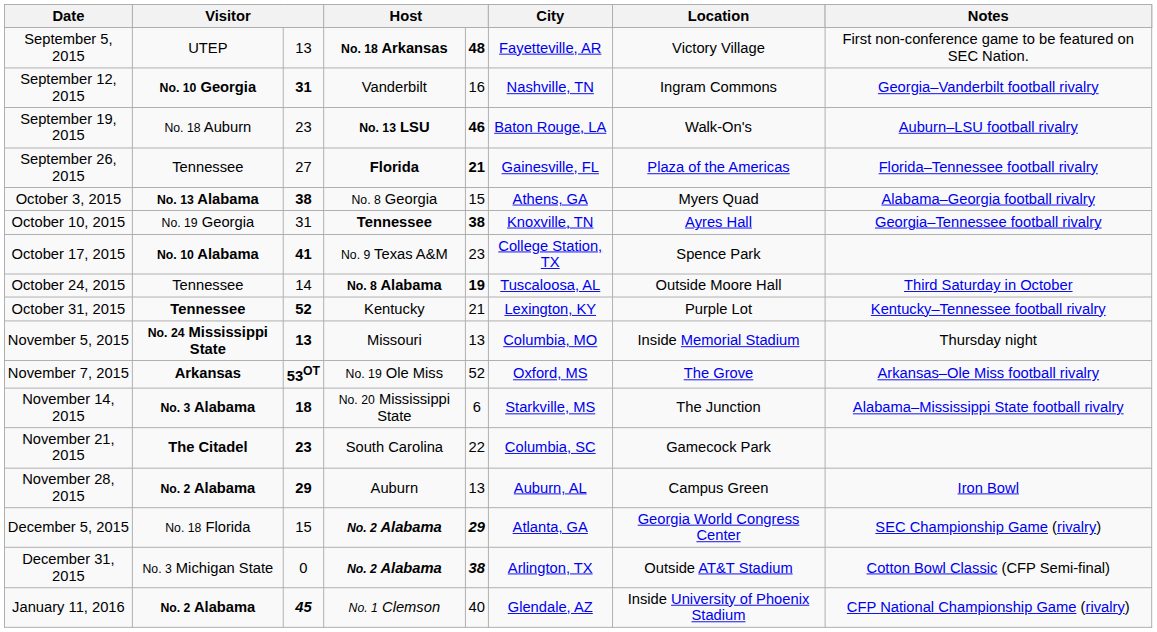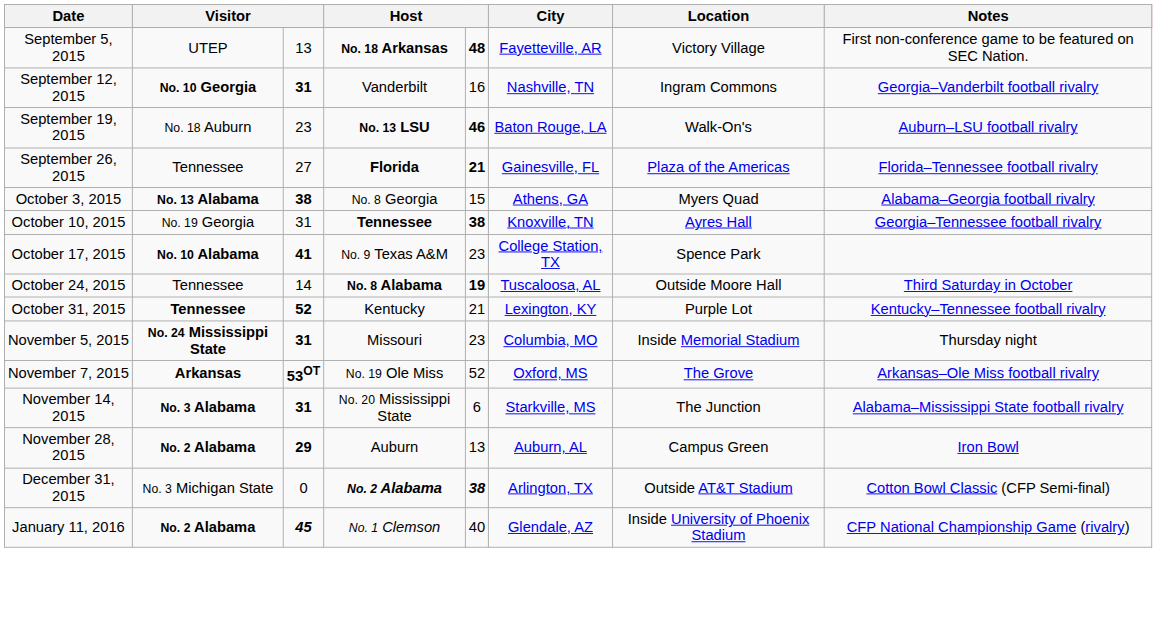 <table class="wikitable" style="text-align:center">
 <tr style="background:#A32638;"|>
 <th>Date</th>
 <th colspan=2>Visitor</th>
 <th colspan=2>Host</th>
 <th>City</th>
 <th>Location</th>
 <th>Notes</th>
 </tr>
 <tr>
 <td>September 5, 2015</td>
 <td>UTEP</td>
 <td>13</td>
 <td><strong><small>No. 18</small> Arkansas</strong></td>
 <td><strong>48</strong></td>
 <td><a href='#'>Fayetteville, AR</a></td>
 <td>Victory Village</td>
 <td>First non-conference game to be featured on SEC Nation.</td>
 </tr>
 <tr>
 <td>September 12, 2015</td>
 <td><strong><small>No. 10</small> Georgia</strong></td>
 <td><strong>31</strong></td>
 <td>Vanderbilt</td>
 <td>16</td>
 <td><a href='#'>Nashville, TN</a></td>
 <td>Ingram Commons</td>
 <td><a href='#'>Georgia–Vanderbilt football rivalry</a></td>
 </tr>
 <tr>
 <td>September 19, 2015</td>
 <td><small>No. 18</small> Auburn</td>
 <td>23</td>
 <td><strong><small>No. 13</small> LSU</strong></td>
 <td><strong>46</strong></td>
 <td><a href='#'>Baton Rouge, LA</a></td>
 <td>Walk-On's</td>
 <td><a href='#'>Auburn–LSU football rivalry</a></td>
 </tr>
 <tr>
 <td>September 26, 2015</td>
 <td>Tennessee</td>
 <td>27</td>
 <td><strong>Florida</strong></td>
 <td><strong>21</strong></td>
 <td><a href='#'>Gainesville, FL</a></td>
 <td><a href='#'>Plaza of the Americas</a></td>
 <td><a href='#'>Florida–Tennessee football rivalry</a></td>
 </tr>
 <tr>
 <td>October 3, 2015</td>
 <td><strong><small>No. 13</small> Alabama</strong></td>
 <td><strong>38</strong></td>
 <td><small>No. 8</small> Georgia</td>
 <td>15</td>
 <td><a href='#'>Athens, GA</a></td>
 <td>Myers Quad</td>
 <td><a href='#'>Alabama–Georgia football rivalry</a></td>
 </tr>
 <tr>
 <td>October 10, 2015</td>
 <td><small>No. 19</small> Georgia</td>
 <td>31</td>
 <td><strong>Tennessee</strong></td>
 <td><strong>38</strong></td>
 <td><a href='#'>Knoxville, TN</a></td>
 <td><a href='#'>Ayres Hall</a></td>
 <td><a href='#'>Georgia–Tennessee football rivalry</a></td>
 </tr>
 <tr>
 <td>October 17, 2015</td>
 <td><strong><small>No. 10</small> Alabama</strong></td>
 <td><strong>41</strong></td>
 <td><small>No. 9</small> Texas A&M</td>
 <td>23</td>
 <td><a href='#'>College Station, TX</a></td>
 <td>Spence Park</td>
 <td></td>
 </tr>
 <tr>
 <td>October 24, 2015</td>
 <td>Tennessee</td>
 <td>14</td>
 <td><strong><small>No. 8</small> Alabama</strong></td>
 <td><strong>19</strong></td>
 <td><a href='#'>Tuscaloosa, AL</a></td>
 <td>Outside Moore Hall</td>
 <td><a href='#'>Third Saturday in October</a></td>
 </tr>
 <tr>
 <td>October 31, 2015</td>
 <td><strong>Tennessee</strong></td>
 <td><strong>52</strong></td>
 <td>Kentucky</td>
 <td>21</td>
 <td><a href='#'>Lexington, KY</a></td>
 <td>Purple Lot</td>
 <td><a href='#'>Kentucky–Tennessee football rivalry</a></td>
 </tr>
 <tr>
 <td>November 5, 2015</td>
 <td><strong><small>No. 24</small> Mississippi State</strong></td>
-<td><strong>13</strong></td>
+<td><strong>31</strong></td>
 <td>Missouri</td>
-<td>13</td>
+<td>23</td>
 <td><a href='#'>Columbia, MO</a></td>
 <td>Inside <a href='#'>Memorial Stadium</a></td>
 <td>Thursday night</td>
 </tr>
 <tr>
 <td>November 7, 2015</td>
 <td><strong>Arkansas</strong></td>
 <td><strong>53<sup>OT</sup></strong></td>
 <td><small>No. 19</small> Ole Miss</td>
 <td>52</td>
 <td><a href='#'>Oxford, MS</a></td>
 <td><a href='#'>The Grove</a></td>
 <td><a href='#'>Arkansas–Ole Miss football rivalry</a></td>
 </tr>
 <tr>
 <td>November 14, 2015</td>
 <td><strong><small>No. 3</small> Alabama</strong></td>
-<td><strong>18</strong></td>
+<td><strong>31</strong></td>
 <td><small>No. 20</small> Mississippi State</td>
 <td>6</td>
 <td><a href='#'>Starkville, MS</a></td>
 <td>The Junction</td>
 <td><a href='#'>Alabama–Mississippi State football rivalry</a></td>
-</tr>
-<tr>
-<td>November 21, 2015</td>
-<td><strong>The Citadel</strong></td>
-<td><strong>23</strong></td>
-<td>South Carolina</td>
-<td>22</td>
-<td><a href='#'>Columbia, SC</a></td>
-<td>Gamecock Park</td>
-<td></td>
 </tr>
 <tr>
 <td>November 28, 2015</td>
 <td><strong><small>No. 2</small> Alabama</strong></td>
 <td><strong>29</strong></td>
 <td>Auburn</td>
 <td>13</td>
 <td><a href='#'>Auburn, AL</a></td>
 <td>Campus Green</td>
 <td><a href='#'>Iron Bowl</a></td>
-</tr>
-<tr>
-<td>December 5, 2015</td>
-<td><small>No. 18</small> Florida</td>
-<td>15</td>
-<td><strong><em><small>No. 2</small> Alabama</em></strong></td>
-<td><strong><em>29</em></strong></td>
-<td><a href='#'>Atlanta, GA</a></td>
-<td><a href='#'>Georgia World Congress Center</a></td>
-<td><a href='#'>SEC Championship Game</a> (<a href='#'>rivalry</a>)</td>
 </tr>
 <tr>
 <td>December 31, 2015</td>
 <td><small>No. 3</small> Michigan State</td>
 <td>0</td>
 <td><strong><em><small>No. 2</small> Alabama</em></strong></td>
 <td><strong><em>38</em></strong></td>
 <td><a href='#'>Arlington, TX</a></td>
 <td>Outside <a href='#'>AT&T Stadium</a></td>
 <td><a href='#'>Cotton Bowl Classic</a> (CFP Semi-final)</td>
 </tr>
 <tr>
 <td>January 11, 2016</td>
 <td><strong><small>No. 2</small> Alabama</strong></td>
 <td><strong><em>45</em></strong></td>
 <td><em><small>No. 1</small> Clemson</em></td>
 <td>40</td>
 <td><a href='#'>Glendale, AZ</a></td>
 <td>Inside <a href='#'>University of Phoenix Stadium</a></td>
 <td><a href='#'>CFP National Championship Game</a> (<a href='#'>rivalry</a>)</td>
 </tr>
 </table>
